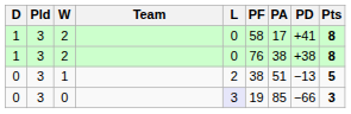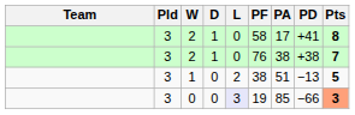 <table class="wikitable" style="text-align:center;">
 <tr>
-<th width=20 abbr="Drawn">D</th>
+<th width=175>Team</th>
 <th width=20 abbr="Played">Pld</th>
 <th width=20 abbr="Won">W</th>
-<th width=175>Team</th>
+<th width=20 abbr="Drawn">D</th>
 <th width=20 abbr="Lost">L</th>
 <th width=20 abbr="Points for">PF</th>
 <th width=20 abbr="Points against">PA</th>
 <th width=25 abbr="Points difference">PD</th>
 <th width=20 abbr="Points">Pts</th>
 </tr>
 <tr bgcolor=ccffcc>
-<td>1</td>
+<td style="text-align:left;"></td>
 <td>3</td>
 <td>2</td>
-<td style="text-align:left;"></td>
+<td>1</td>
 <td>0</td>
 <td>58</td>
 <td>17</td>
 <td>+41</td>
 <td><strong>8</strong></td>
 </tr>
 <tr bgcolor=ccffcc>
-<td>1</td>
+<td style="text-align:left;"></td>
 <td>3</td>
 <td>2</td>
-<td style="text-align:left;"></td>
+<td>1</td>
 <td>0</td>
 <td>76</td>
 <td>38</td>
 <td>+38</td>
-<td><strong>8</strong></td>
+<td><strong>7</strong></td>
 </tr>
 <tr>
-<td>0</td>
+<td style="text-align:left;"></td>
 <td>3</td>
 <td>1</td>
-<td style="text-align:left;"></td>
+<td>0</td>
 <td>2</td>
 <td>38</td>
 <td>51</td>
 <td>−13</td>
 <td><strong>5</strong></td>
 </tr>
 <tr>
-<td>0</td>
+<td style="text-align:left;"></td>
 <td>3</td>
 <td>0</td>
-<td style="text-align:left;"></td>
+<td>0</td>
 <td style="background: lavender;">3</td>
 <td>19</td>
 <td>85</td>
 <td>−66</td>
-<td><strong>3</strong></td>
+<td style="background: lightsalmon;"><strong>3</strong></td>
 </tr>
 </table>
